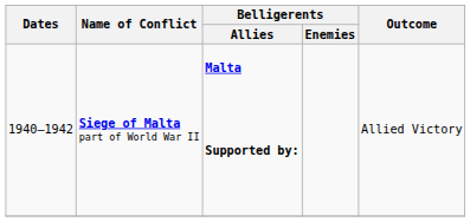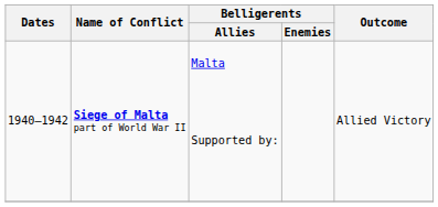 <table class="wikitable" style="margin:1em auto;">
 <tr>
 <th rowspan="2">Dates</th>
 <th rowspan="2">Name of Conflict</th>
 <th colspan="2">Belligerents</th>
 <th rowspan="2">Outcome</th>
 </tr>
 <tr>
 <th>Allies</th>
 <th>Enemies</th>
 </tr>
 <tr>
 <td>1940–1942</td>
 <td><strong><a href='#'>Siege of Malta</a></strong><br><small>part of World War II</small></td>
-<td><strong><br>  <a href='#'>Malta</a><br><br><br><br><br><br> Supported by:<br><br><br><br><br></strong></td>
+<td><br>  <a href='#'>Malta</a><br><br><br><br><br><br> Supported by:<br><br><br><br><br></td>
 <td><br></td>
 <td>Allied Victory</td>
 </tr>
 <tr>
 </tr>
 </table>
